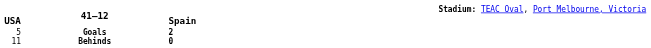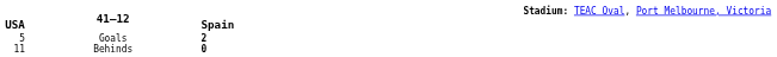 <table style="width: 100%; background: transparent;" cellspacing="0">
 <tr>
 <td align=center valign=top rowspan=3 width=15%></td>
 </tr>
 <tr>
 <td width=24% align=right><br><strong>USA</strong></td>
 <td align=center width=13%><strong>41–12</strong></td>
 <td width=24%><br><strong>Spain</strong></td>
 <td style=font-size:85% rowspan=2 valign=top><strong>Stadium:</strong> <a href='#'>TEAC Oval</a>, <a href='#'>Port Melbourne, Victoria</a></td>
 </tr>
 <tr style=font-size:85%>
 <td align=right valign=top>5<br> 11</td>
-<td align=center valign=top><strong>Goals <br>Behinds</strong></td>
+<td align=center valign=top>Goals <br>Behinds</td>
 <td valign=top><strong>2<br> 0</strong></td>
 </tr>
 </table>
